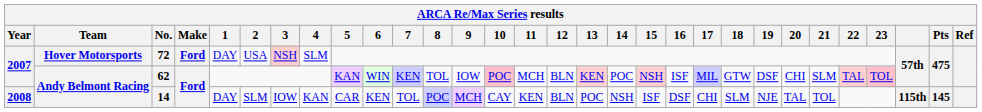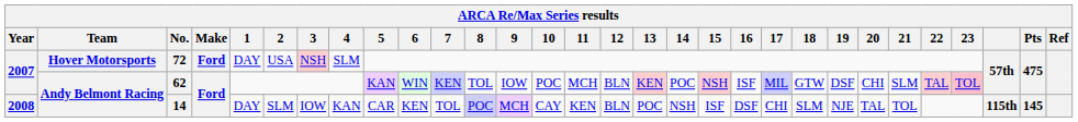 <table class="wikitable" style="text-align:center; font-size:75%">
 <tr>
 <th colspan=45><a href='#'>ARCA Re/Max Series</a> results</th>
 </tr>
 <tr>
 <th>Year</th>
 <th>Team</th>
 <th>No.</th>
 <th>Make</th>
 <th>1</th>
 <th>2</th>
 <th>3</th>
 <th>4</th>
 <th>5</th>
 <th>6</th>
 <th>7</th>
 <th>8</th>
 <th>9</th>
 <th>10</th>
 <th>11</th>
 <th>12</th>
 <th>13</th>
 <th>14</th>
 <th>15</th>
 <th>16</th>
 <th>17</th>
 <th>18</th>
 <th>19</th>
 <th>20</th>
 <th>21</th>
 <th>22</th>
 <th>23</th>
 <th></th>
 <th>Pts</th>
 <th>Ref</th>
 </tr>
 <tr>
 <th rowspan=2><a href='#'>2007</a></th>
 <th><a href='#'>Hover Motorsports</a></th>
 <th>72</th>
 <th><a href='#'>Ford</a></th>
 <td><a href='#'>DAY</a></td>
 <td><a href='#'>USA</a></td>
 <td style="background:#FFCFCF;"><a href='#'>NSH</a><br></td>
 <td><a href='#'>SLM</a></td>
 <td colspan=19></td>
 <th rowspan=2>57th</th>
 <th rowspan=2>475</th>
 <th rowspan=2></th>
 </tr>
 <tr>
 <th rowspan=2><a href='#'>Andy Belmont Racing</a></th>
 <th>62</th>
 <th rowspan=2><a href='#'>Ford</a></th>
 <td colspan=4></td>
 <td style="background:#EFCFFF;"><a href='#'>KAN</a><br></td>
 <td style="background:#DFFFDF;"><a href='#'>WIN</a><br></td>
 <td style="background:#CFCFFF;"><a href='#'>KEN</a><br></td>
 <td><a href='#'>TOL</a></td>
 <td><a href='#'>IOW</a></td>
-<td style="background: pink;"><a href='#'>POC</a></td>
+<td><a href='#'>POC</a></td>
 <td><a href='#'>MCH</a></td>
 <td><a href='#'>BLN</a></td>
 <td style="background:#FFCFCF;"><a href='#'>KEN</a><br></td>
 <td><a href='#'>POC</a></td>
 <td style="background:#FFCFCF;"><a href='#'>NSH</a><br></td>
 <td><a href='#'>ISF</a></td>
 <td style="background:#CFCFFF;"><a href='#'>MIL</a><br></td>
 <td><a href='#'>GTW</a></td>
 <td><a href='#'>DSF</a></td>
 <td><a href='#'>CHI</a></td>
 <td><a href='#'>SLM</a></td>
 <td style="background:#FFCFCF;"><a href='#'>TAL</a><br></td>
 <td style="background: pink;"><a href='#'>TOL</a></td>
 </tr>
 <tr>
 <th><a href='#'>2008</a></th>
 <th>14</th>
 <td><a href='#'>DAY</a></td>
 <td><a href='#'>SLM</a></td>
 <td><a href='#'>IOW</a></td>
 <td><a href='#'>KAN</a></td>
 <td><a href='#'>CAR</a></td>
 <td><a href='#'>KEN</a></td>
 <td><a href='#'>TOL</a></td>
 <td style="background:#CFCFFF;"><a href='#'>POC</a><br></td>
 <td style="background:#EFCFFF;"><a href='#'>MCH</a><br></td>
 <td><a href='#'>CAY</a></td>
 <td><a href='#'>KEN</a></td>
 <td><a href='#'>BLN</a></td>
 <td><a href='#'>POC</a></td>
 <td><a href='#'>NSH</a></td>
 <td><a href='#'>ISF</a></td>
 <td><a href='#'>DSF</a></td>
 <td><a href='#'>CHI</a></td>
 <td><a href='#'>SLM</a></td>
 <td><a href='#'>NJE</a></td>
 <td><a href='#'>TAL</a></td>
 <td><a href='#'>TOL</a></td>
 <td colspan=2></td>
 <th>115th</th>
 <th>145</th>
 <th></th>
 </tr>
 </table>
